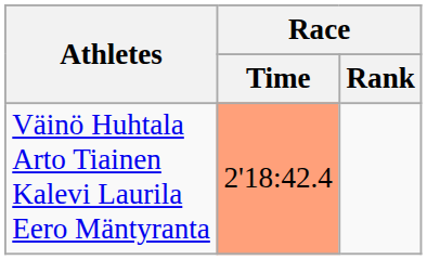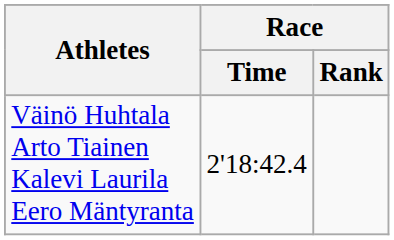 <table class="wikitable" border="1" style="font-size:90%">
 <tr>
 <th rowspan=2>Athletes</th>
 <th colspan=2>Race</th>
 </tr>
 <tr>
 <th>Time</th>
 <th>Rank</th>
 </tr>
 <tr>
 <td><a href='#'>Väinö Huhtala</a><br><a href='#'>Arto Tiainen</a><br><a href='#'>Kalevi Laurila</a><br><a href='#'>Eero Mäntyranta</a></td>
-<td align=center style="background: lightsalmon;">2'18:42.4</td>
+<td align=center>2'18:42.4</td>
 <td align=center></td>
 </tr>
 </table>
